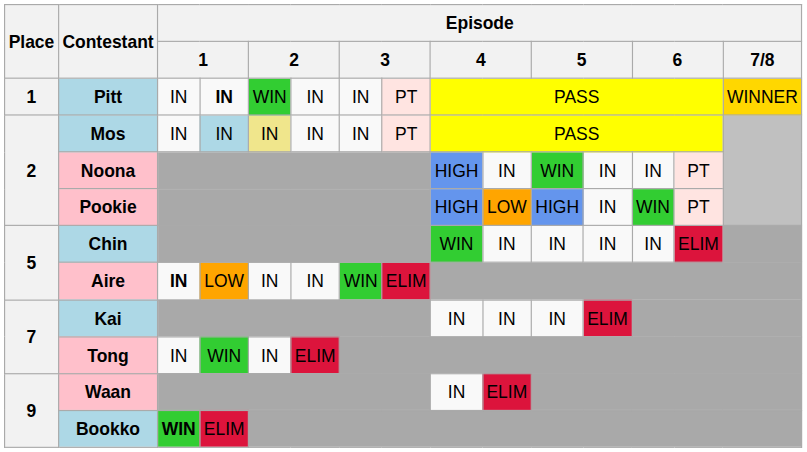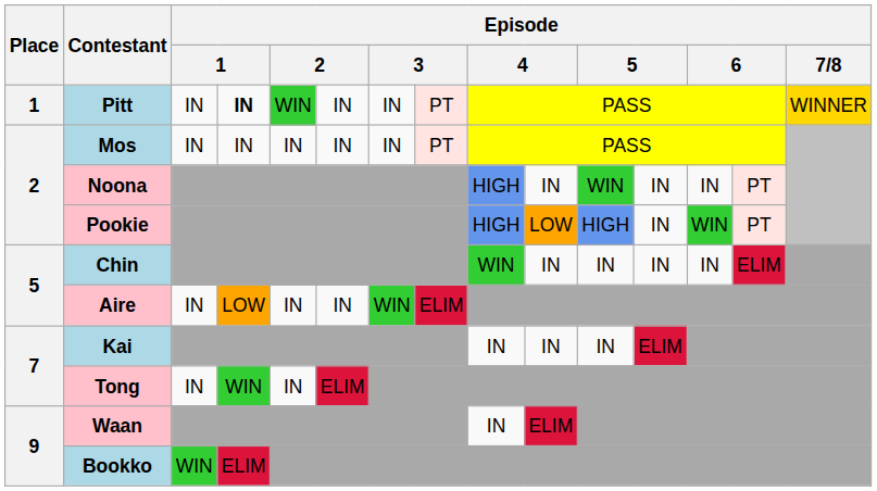 <table class="wikitable" style="text-align: center; font-size:95%; line-height:25px;">
 <tr>
 <th rowspan="2">Place</th>
 <th rowspan=2>Contestant</th>
 <th colspan="13">Episode</th>
 </tr>
 <tr>
 <th colspan=2>1</th>
 <th colspan=2>2</th>
 <th colspan=2>3</th>
 <th colspan=2>4</th>
 <th colspan=2>5</th>
 <th colspan=2>6</th>
 <th>7/8</th>
 </tr>
 <tr>
 <th>1</th>
 <th style="background:lightblue;">Pitt</th>
 <td>IN</td>
 <td><strong>IN</strong></td>
 <td style="background:limegreen">WIN</td>
 <td>IN</td>
 <td>IN</td>
 <td style="background:mistyrose;">PT</td>
 <td colspan="6" style="background:yellow;">PASS</td>
 <td style="background:gold;">WINNER</td>
 </tr>
 <tr>
 <th rowspan="3">2</th>
 <th style="background:lightblue;">Mos</th>
 <td>IN</td>
-<td style="background: lightblue;">IN</td>
-<td style="background: khaki;">IN</td>
+<td>IN</td>
+<td>IN</td>
 <td>IN</td>
 <td>IN</td>
 <td style="background:mistyrose;">PT</td>
 <td colspan="6" style="background:yellow;">PASS</td>
 <td rowspan="3" style="background:silver;"></td>
 </tr>
 <tr>
 <th style="background:pink">Noona</th>
 <td colspan="6" style="background:darkgrey;"></td>
 <td style="background:cornflowerblue;">HIGH</td>
 <td>IN</td>
 <td style="background:limegreen">WIN</td>
 <td>IN</td>
 <td>IN</td>
 <td style="background:mistyrose;">PT</td>
 </tr>
 <tr>
 <th style="background:pink">Pookie</th>
 <td colspan="6" style="background:darkgrey;"></td>
 <td style="background:cornflowerblue;">HIGH</td>
 <td style="background:orange;">LOW</td>
 <td style="background:cornflowerblue;">HIGH</td>
 <td>IN</td>
 <td style="background:limegreen">WIN</td>
 <td style="background:mistyrose;">PT</td>
 </tr>
 <tr>
 <th rowspan="2">5</th>
 <th style="background:lightblue;">Chin</th>
 <td colspan="6" style="background:darkgrey;"></td>
 <td style="background:limegreen">WIN</td>
 <td>IN</td>
 <td>IN</td>
 <td>IN</td>
 <td>IN</td>
 <td style="background:crimson;">ELIM</td>
 <td style="background:darkgrey;"></td>
 </tr>
 <tr>
 <th style="background:pink">Aire</th>
-<td><strong>IN</strong></td>
+<td>IN</td>
 <td style="background:orange;">LOW</td>
 <td>IN</td>
 <td>IN</td>
 <td style="background:limegreen">WIN</td>
 <td style="background:crimson;">ELIM</td>
 <td colspan="7" style="background:darkgrey;"></td>
 </tr>
 <tr>
 <th rowspan="2">7</th>
 <th style="background:lightblue;">Kai</th>
 <td colspan="6" style="background:darkgrey;"></td>
 <td>IN</td>
 <td>IN</td>
 <td>IN</td>
 <td style="background:crimson;">ELIM</td>
 <td colspan="3" style="background:darkgrey;"></td>
 </tr>
 <tr>
 <th style="background:pink">Tong</th>
 <td>IN</td>
 <td style="background:limegreen">WIN</td>
 <td>IN</td>
 <td style="background:crimson;">ELIM</td>
 <td colspan="9" style="background:darkgrey;"></td>
 </tr>
 <tr>
 <th rowspan="2">9</th>
 <th style="background:pink">Waan</th>
 <td colspan="6" style="background:darkgrey;"></td>
 <td>IN</td>
 <td style="background:crimson;">ELIM</td>
 <td colspan="5" style="background:darkgrey;"></td>
 </tr>
 <tr>
 <th style="background:lightblue;">Bookko</th>
-<td style="background:limegreen"><strong>WIN</strong></td>
+<td style="background:limegreen">WIN</td>
 <td style="background:crimson;">ELIM</td>
 <td colspan="11" style="background:darkgrey;"></td>
 </tr>
 </table>
